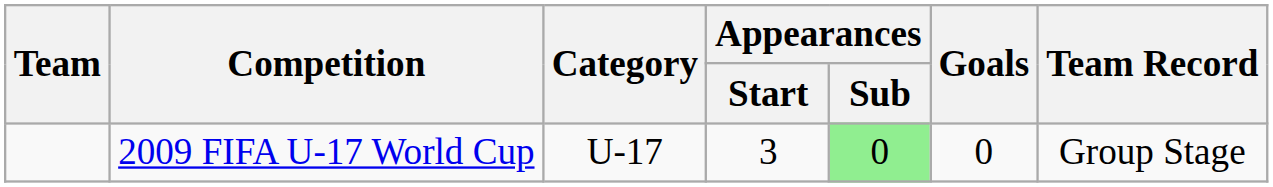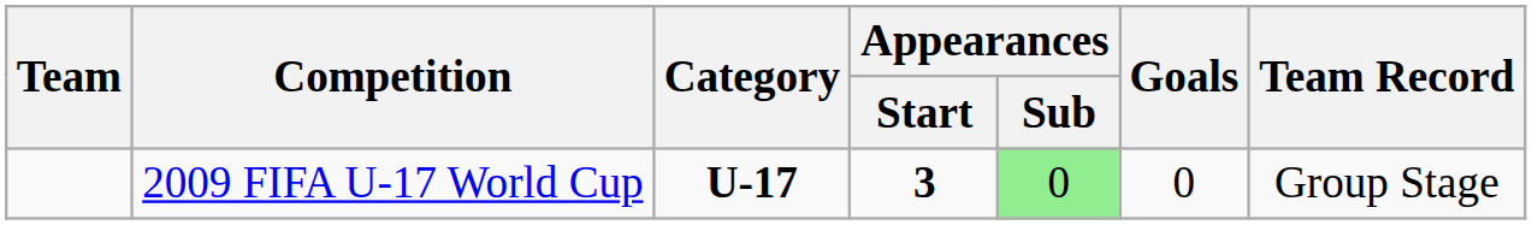 <table class="wikitable" style="text-align: center;">
 <tr>
 <th rowspan="2">Team</th>
 <th rowspan="2">Competition</th>
 <th rowspan="2">Category</th>
 <th colspan="2">Appearances</th>
 <th rowspan="2">Goals</th>
 <th rowspan="2">Team Record</th>
 </tr>
 <tr>
 <th>Start</th>
 <th>Sub</th>
 </tr>
 <tr>
 <td align="left"></td>
 <td align="left"><a href='#'>2009 FIFA U-17 World Cup</a></td>
-<td>U-17</td>
-<td>3</td>
+<td><strong>U-17</strong></td>
+<td><strong>3</strong></td>
 <td style="background: lightgreen;">0</td>
 <td>0</td>
 <td>Group Stage</td>
 </tr>
 </table>
